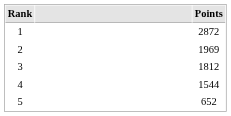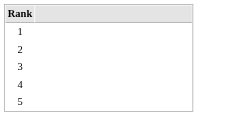 <table cellspacing="1" cellpadding="3" style="border:1px solid #aaa; font-size:86%;">
 <tr style="background:#e4e4e4;">
 <th style="border-bottom:1px solid #aaa; width:10px;">Rank</th>
 <th style="border-bottom:1px solid #aaa; width:200px;"></th>
-<th style="border-bottom:1px solid #aaa; width:20px;">Points</th>
 </tr>
 <tr>
 <td align=center>1</td>
 <td></td>
-<td align=center>2872</td>
 </tr>
 <tr>
 <td align=center>2</td>
 <td></td>
-<td align=center>1969</td>
 </tr>
 <tr>
 <td align=center>3</td>
 <td></td>
-<td align=center>1812</td>
 </tr>
 <tr>
 <td align=center>4</td>
 <td></td>
-<td align=center>1544</td>
 </tr>
 <tr>
 <td align=center>5</td>
 <td></td>
-<td align=center>652</td>
 </tr>
 </table>
